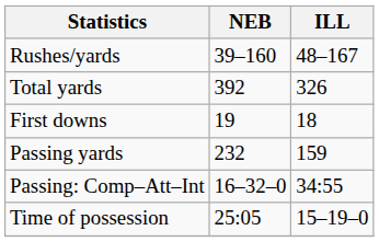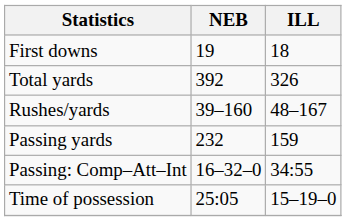 <table class="wikitable" style="float: left;">
 <tr>
 <th>Statistics</th>
 <th>NEB</th>
 <th>ILL</th>
 </tr>
 <tr>
-<td>Rushes/yards</td>
-<td>39–160</td>
-<td>48–167</td>
+<td>First downs</td>
+<td>19</td>
+<td>18</td>
 </tr>
 <tr>
 <td>Total yards</td>
 <td>392</td>
 <td>326</td>
 </tr>
 <tr>
-<td>First downs</td>
-<td>19</td>
-<td>18</td>
+<td>Rushes/yards</td>
+<td>39–160</td>
+<td>48–167</td>
 </tr>
 <tr>
 <td>Passing yards</td>
 <td>232</td>
 <td>159</td>
 </tr>
 <tr>
 <td>Passing: Comp–Att–Int</td>
 <td>16–32–0</td>
 <td>34:55</td>
 </tr>
 <tr>
 <td>Time of possession</td>
 <td>25:05</td>
 <td>15–19–0</td>
 </tr>
 <tr>
 </tr>
 </table>
